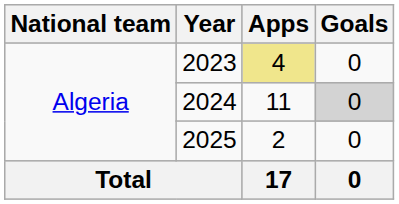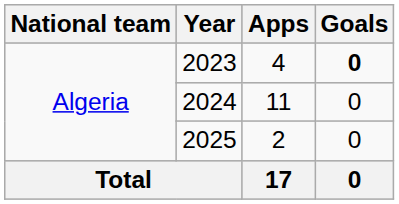 <table class="wikitable" style="text-align: center;">
 <tr>
 <th>National team</th>
 <th>Year</th>
 <th>Apps</th>
 <th>Goals</th>
 </tr>
 <tr>
 <td rowspan="3"><a href='#'>Algeria</a></td>
 <td>2023</td>
-<td style="background: khaki;">4</td>
-<td>0</td>
+<td>4</td>
+<td><strong>0</strong></td>
 </tr>
 <tr>
 <td>2024</td>
 <td>11</td>
-<td style="background: lightgrey;">0</td>
+<td>0</td>
 </tr>
 <tr>
 <td>2025</td>
 <td>2</td>
 <td>0</td>
 </tr>
 <tr>
 <th colspan="2">Total</th>
 <th>17</th>
 <th>0</th>
 </tr>
 </table>
